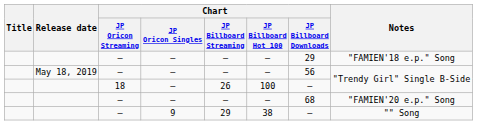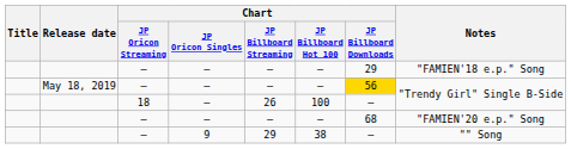 <table class="wikitable" style="text-align:center; font-size:;">
 <tr>
 <th rowspan="2">Title</th>
 <th rowspan="2">Release date</th>
 <th colspan="5">Chart</th>
 <th rowspan="2">Notes</th>
 </tr>
 <tr>
 <th><small><a href='#'>JP<br>Oricon<br>Streaming</a></small></th>
 <th><small><a href='#'>JP<br>Oricon Singles</a></small></th>
 <th><small><a href='#'>JP <br>Billboard<br>Streaming</a></small></th>
 <th><small><a href='#'>JP <br>Billboard<br>Hot 100</a></small></th>
 <th><small><a href='#'>JP <br>Billboard</a></small><br><small><a href='#'>Downloads</a><br></small></th>
 </tr>
 <tr>
 <td></td>
 <td></td>
 <td>—</td>
 <td>—</td>
 <td>—</td>
 <td>—</td>
 <td>29</td>
 <td>"FAMIEN'18 e.p." Song</td>
 </tr>
 <tr>
 <td></td>
 <td>May 18, 2019</td>
 <td>—</td>
 <td>—</td>
 <td>—</td>
 <td>—</td>
-<td>56</td>
+<td style="background: gold;">56</td>
 <td rowspan="2">"Trendy Girl" Single B-Side</td>
 </tr>
 <tr>
 <td></td>
 <td></td>
 <td>18</td>
 <td>—</td>
 <td>26</td>
 <td>100</td>
 <td>—</td>
 </tr>
 <tr>
 <td></td>
 <td></td>
 <td>—</td>
 <td>—</td>
 <td>—</td>
 <td>—</td>
 <td>68</td>
 <td>"FAMIEN'20 e.p." Song</td>
 </tr>
 <tr>
 <td></td>
 <td></td>
 <td>—</td>
 <td>9</td>
 <td>29</td>
 <td>38</td>
 <td>—</td>
 <td>"" Song</td>
 </tr>
 </table>
